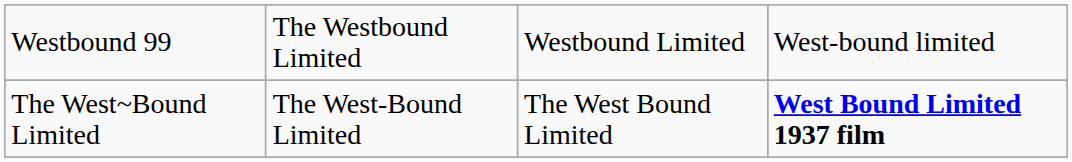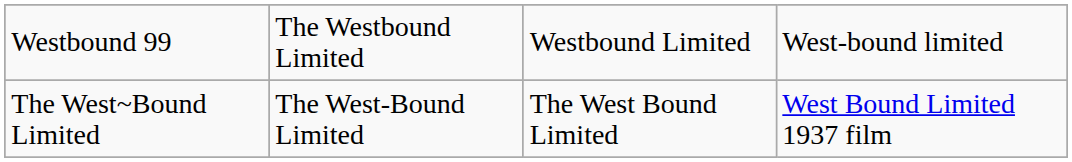 <table class="wikitable" style="border:none;">
 <tr>
 <td>Westbound 99</td>
 <td>The Westbound Limited</td>
 <td>Westbound Limited</td>
 <td>West-bound limited</td>
 </tr>
 <tr>
 <td>The West~Bound Limited</td>
 <td>The West-Bound Limited</td>
 <td>The West Bound Limited</td>
-<td><strong><a href='#'>West Bound Limited</a> 1937 film</strong></td>
+<td><a href='#'>West Bound Limited</a> 1937 film</td>
 </tr>
 <tr>
 </tr>
 </table>
